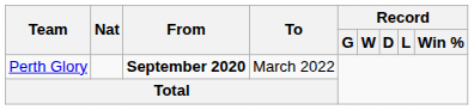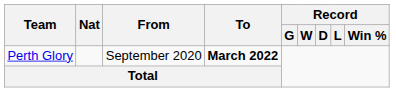 <table class="wikitable" style="text-align: center">
 <tr>
 <th rowspan="2">Team</th>
 <th rowspan="2">Nat</th>
 <th rowspan="2">From</th>
 <th rowspan="2">To</th>
 <th colspan="5">Record</th>
 </tr>
 <tr>
 <th>G</th>
 <th>W</th>
 <th>D</th>
 <th>L</th>
 <th>Win %</th>
 </tr>
 <tr>
 <td align=left><a href='#'>Perth Glory</a></td>
 <td></td>
-<td align=left><strong>September 2020</strong></td>
-<td align=left>March 2022<br></td>
+<td align=left>September 2020</td>
+<td align=left><strong>March 2022<br></strong></td>
 </tr>
 <tr>
 <th colspan="4">Total<br></th>
 </tr>
 </table>
